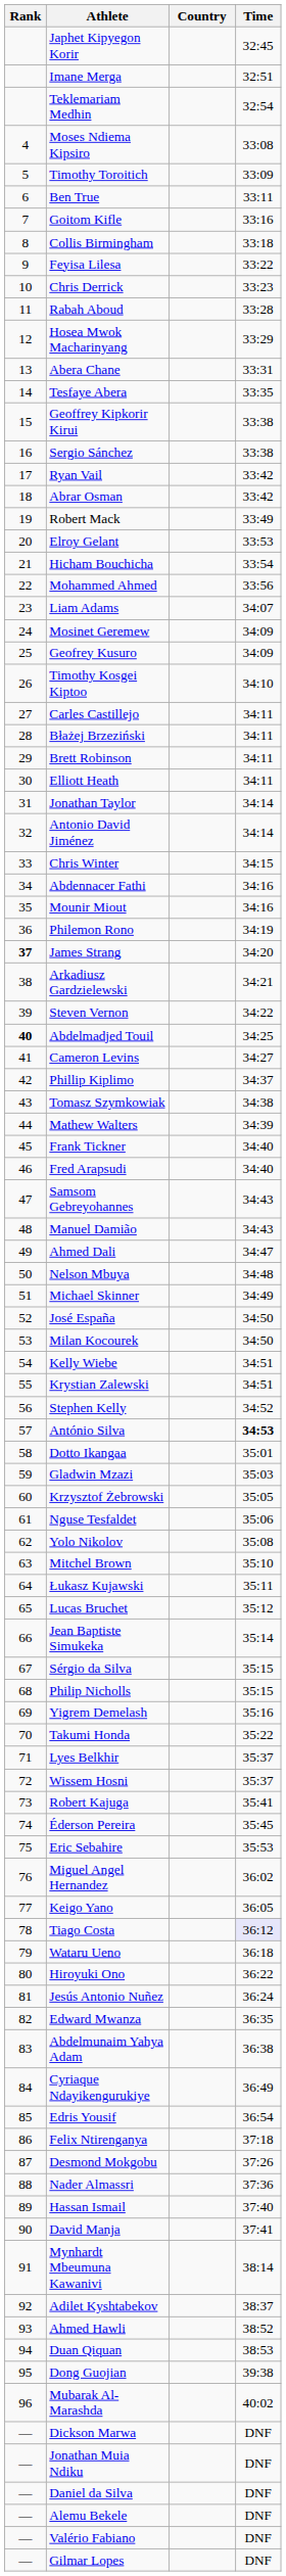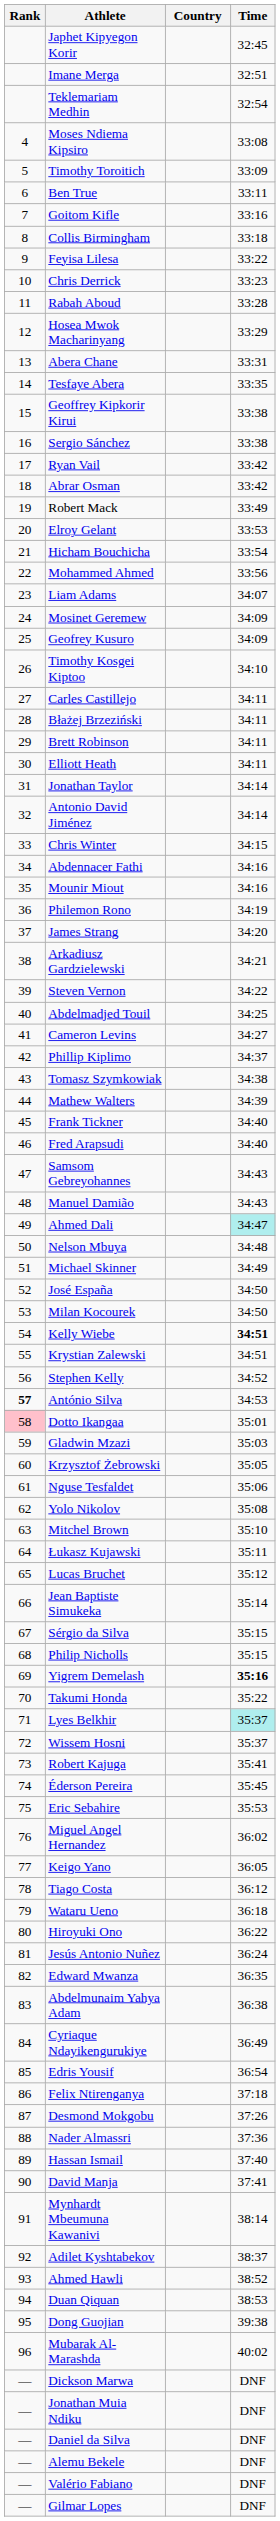 <table class="wikitable sortable" style=" text-align:center; font-size:95%;" width="50%">
 <tr>
 <th width=5%>Rank</th>
 <th width=20%>Athlete</th>
 <th width=15%>Country</th>
 <th width=10%>Time</th>
 </tr>
 <tr>
 <td align=center></td>
 <td align=left><a href='#'>Japhet Kipyegon Korir</a></td>
 <td align=left></td>
 <td>32:45</td>
 </tr>
 <tr>
 <td align=center></td>
 <td align=left><a href='#'>Imane Merga</a></td>
 <td align=left></td>
 <td>32:51</td>
 </tr>
 <tr>
 <td align=center></td>
 <td align=left><a href='#'>Teklemariam Medhin</a></td>
 <td align=left></td>
 <td>32:54</td>
 </tr>
 <tr>
 <td align=center>4</td>
 <td align=left><a href='#'>Moses Ndiema Kipsiro</a></td>
 <td align=left></td>
 <td>33:08</td>
 </tr>
 <tr>
 <td align=center>5</td>
 <td align=left><a href='#'>Timothy Toroitich</a></td>
 <td align=left></td>
 <td>33:09</td>
 </tr>
 <tr>
 <td align=center>6</td>
 <td align=left><a href='#'>Ben True</a></td>
 <td align=left></td>
 <td>33:11</td>
 </tr>
 <tr>
 <td align=center>7</td>
 <td align=left><a href='#'>Goitom Kifle</a></td>
 <td align=left></td>
 <td>33:16</td>
 </tr>
 <tr>
 <td align=center>8</td>
 <td align=left><a href='#'>Collis Birmingham</a></td>
 <td align=left></td>
 <td>33:18</td>
 </tr>
 <tr>
 <td align=center>9</td>
 <td align=left><a href='#'>Feyisa Lilesa</a></td>
 <td align=left></td>
 <td>33:22</td>
 </tr>
 <tr>
 <td align=center>10</td>
 <td align=left><a href='#'>Chris Derrick</a></td>
 <td align=left></td>
 <td>33:23</td>
 </tr>
 <tr>
 <td align=center>11</td>
 <td align=left><a href='#'>Rabah Aboud</a></td>
 <td align=left></td>
 <td>33:28</td>
 </tr>
 <tr>
 <td align=center>12</td>
 <td align=left><a href='#'>Hosea Mwok Macharinyang</a></td>
 <td align=left></td>
 <td>33:29</td>
 </tr>
 <tr>
 <td align=center>13</td>
 <td align=left><a href='#'>Abera Chane</a></td>
 <td align=left></td>
 <td>33:31</td>
 </tr>
 <tr>
 <td align=center>14</td>
 <td align=left><a href='#'>Tesfaye Abera</a></td>
 <td align=left></td>
 <td>33:35</td>
 </tr>
 <tr>
 <td align=center>15</td>
 <td align=left><a href='#'>Geoffrey Kipkorir Kirui</a></td>
 <td align=left></td>
 <td>33:38</td>
 </tr>
 <tr>
 <td align=center>16</td>
 <td align=left><a href='#'>Sergio Sánchez</a></td>
 <td align=left></td>
 <td>33:38</td>
 </tr>
 <tr>
 <td align=center>17</td>
 <td align=left><a href='#'>Ryan Vail</a></td>
 <td align=left></td>
 <td>33:42</td>
 </tr>
 <tr>
 <td align=center>18</td>
 <td align=left><a href='#'>Abrar Osman</a></td>
 <td align=left></td>
 <td>33:42</td>
 </tr>
 <tr>
 <td align=center>19</td>
 <td align=left>Robert Mack</td>
 <td align=left></td>
 <td>33:49</td>
 </tr>
 <tr>
 <td align=center>20</td>
 <td align=left><a href='#'>Elroy Gelant</a></td>
 <td align=left></td>
 <td>33:53</td>
 </tr>
 <tr>
 <td align=center>21</td>
 <td align=left><a href='#'>Hicham Bouchicha</a></td>
 <td align=left></td>
 <td>33:54</td>
 </tr>
 <tr>
 <td align=center>22</td>
 <td align=left><a href='#'>Mohammed Ahmed</a></td>
 <td align=left></td>
 <td>33:56</td>
 </tr>
 <tr>
 <td align=center>23</td>
 <td align=left><a href='#'>Liam Adams</a></td>
 <td align=left></td>
 <td>34:07</td>
 </tr>
 <tr>
 <td align=center>24</td>
 <td align=left><a href='#'>Mosinet Geremew</a></td>
 <td align=left></td>
 <td>34:09</td>
 </tr>
 <tr>
 <td align=center>25</td>
 <td align=left><a href='#'>Geofrey Kusuro</a></td>
 <td align=left></td>
 <td>34:09</td>
 </tr>
 <tr>
 <td align=center>26</td>
 <td align=left><a href='#'>Timothy Kosgei Kiptoo</a></td>
 <td align=left></td>
 <td>34:10</td>
 </tr>
 <tr>
 <td align=center>27</td>
 <td align=left><a href='#'>Carles Castillejo</a></td>
 <td align=left></td>
 <td>34:11</td>
 </tr>
 <tr>
 <td align=center>28</td>
 <td align=left><a href='#'>Błażej Brzeziński</a></td>
 <td align=left></td>
 <td>34:11</td>
 </tr>
 <tr>
 <td align=center>29</td>
 <td align=left><a href='#'>Brett Robinson</a></td>
 <td align=left></td>
 <td>34:11</td>
 </tr>
 <tr>
 <td align=center>30</td>
 <td align=left><a href='#'>Elliott Heath</a></td>
 <td align=left></td>
 <td>34:11</td>
 </tr>
 <tr>
 <td align=center>31</td>
 <td align=left><a href='#'>Jonathan Taylor</a></td>
 <td align=left></td>
 <td>34:14</td>
 </tr>
 <tr>
 <td align=center>32</td>
 <td align=left><a href='#'>Antonio David Jiménez</a></td>
 <td align=left></td>
 <td>34:14</td>
 </tr>
 <tr>
 <td align=center>33</td>
 <td align=left><a href='#'>Chris Winter</a></td>
 <td align=left></td>
 <td>34:15</td>
 </tr>
 <tr>
 <td align=center>34</td>
 <td align=left><a href='#'>Abdennacer Fathi</a></td>
 <td align=left></td>
 <td>34:16</td>
 </tr>
 <tr>
 <td align=center>35</td>
 <td align=left><a href='#'>Mounir Miout</a></td>
 <td align=left></td>
 <td>34:16</td>
 </tr>
 <tr>
 <td align=center>36</td>
 <td align=left><a href='#'>Philemon Rono </a></td>
 <td align=left></td>
 <td>34:19</td>
 </tr>
 <tr>
-<td align=center><strong>37</strong></td>
+<td align=center>37</td>
 <td align=left><a href='#'>James Strang</a></td>
 <td align=left></td>
 <td>34:20</td>
 </tr>
 <tr>
 <td align=center>38</td>
 <td align=left><a href='#'>Arkadiusz Gardzielewski</a></td>
 <td align=left></td>
 <td>34:21</td>
 </tr>
 <tr>
 <td align=center>39</td>
 <td align=left><a href='#'>Steven Vernon</a></td>
 <td align=left></td>
 <td>34:22</td>
 </tr>
 <tr>
-<td align=center><strong>40</strong></td>
+<td align=center>40</td>
 <td align=left><a href='#'>Abdelmadjed Touil</a></td>
 <td align=left></td>
 <td>34:25</td>
 </tr>
 <tr>
 <td align=center>41</td>
 <td align=left><a href='#'>Cameron Levins</a></td>
 <td align=left></td>
 <td>34:27</td>
 </tr>
 <tr>
 <td align=center>42</td>
 <td align=left><a href='#'>Phillip Kiplimo</a></td>
 <td align=left></td>
 <td>34:37</td>
 </tr>
 <tr>
 <td align=center>43</td>
 <td align=left><a href='#'>Tomasz Szymkowiak</a></td>
 <td align=left></td>
 <td>34:38</td>
 </tr>
 <tr>
 <td align=center>44</td>
 <td align=left><a href='#'>Mathew Walters</a></td>
 <td align=left></td>
 <td>34:39</td>
 </tr>
 <tr>
 <td align=center>45</td>
 <td align=left><a href='#'>Frank Tickner</a></td>
 <td align=left></td>
 <td>34:40</td>
 </tr>
 <tr>
 <td align=center>46</td>
 <td align=left><a href='#'>Fred Arapsudi</a></td>
 <td align=left></td>
 <td>34:40</td>
 </tr>
 <tr>
 <td align=center>47</td>
 <td align=left><a href='#'>Samsom Gebreyohannes</a></td>
 <td align=left></td>
 <td>34:43</td>
 </tr>
 <tr>
 <td align=center>48</td>
 <td align=left><a href='#'>Manuel Damião</a></td>
 <td align=left></td>
 <td>34:43</td>
 </tr>
 <tr>
 <td align=center>49</td>
 <td align=left><a href='#'>Ahmed Dali</a></td>
 <td align=left></td>
-<td>34:47</td>
+<td style="background: paleturquoise;">34:47</td>
 </tr>
 <tr>
 <td align=center>50</td>
 <td align=left><a href='#'>Nelson Mbuya</a></td>
 <td align=left></td>
 <td>34:48</td>
 </tr>
 <tr>
 <td align=center>51</td>
 <td align=left><a href='#'>Michael Skinner</a></td>
 <td align=left></td>
 <td>34:49</td>
 </tr>
 <tr>
 <td align=center>52</td>
 <td align=left><a href='#'>José España</a></td>
 <td align=left></td>
 <td>34:50</td>
 </tr>
 <tr>
 <td align=center>53</td>
 <td align=left><a href='#'>Milan Kocourek</a></td>
 <td align=left></td>
 <td>34:50</td>
 </tr>
 <tr>
 <td align=center>54</td>
 <td align=left><a href='#'>Kelly Wiebe</a></td>
 <td align=left></td>
-<td>34:51</td>
+<td><strong>34:51</strong></td>
 </tr>
 <tr>
 <td align=center>55</td>
 <td align=left><a href='#'>Krystian Zalewski</a></td>
 <td align=left></td>
 <td>34:51</td>
 </tr>
 <tr>
 <td align=center>56</td>
 <td align=left><a href='#'>Stephen Kelly</a></td>
 <td align=left></td>
 <td>34:52</td>
 </tr>
 <tr>
-<td align=center>57</td>
+<td align=center><strong>57</strong></td>
 <td align=left><a href='#'>António Silva</a></td>
 <td align=left></td>
-<td><strong>34:53</strong></td>
+<td>34:53</td>
 </tr>
 <tr>
-<td align=center>58</td>
+<td align=center style="background: pink;">58</td>
 <td align=left><a href='#'>Dotto Ikangaa</a></td>
 <td align=left></td>
 <td>35:01</td>
 </tr>
 <tr>
 <td align=center>59</td>
 <td align=left><a href='#'>Gladwin Mzazi</a></td>
 <td align=left></td>
 <td>35:03</td>
 </tr>
 <tr>
 <td align=center>60</td>
 <td align=left><a href='#'>Krzysztof Żebrowski</a></td>
 <td align=left></td>
 <td>35:05</td>
 </tr>
 <tr>
 <td align=center>61</td>
 <td align=left><a href='#'>Nguse Tesfaldet</a></td>
 <td align=left></td>
 <td>35:06</td>
 </tr>
 <tr>
 <td align=center>62</td>
 <td align=left><a href='#'>Yolo Nikolov</a></td>
 <td align=left></td>
 <td>35:08</td>
 </tr>
 <tr>
 <td align=center>63</td>
 <td align=left><a href='#'>Mitchel Brown</a></td>
 <td align=left></td>
 <td>35:10</td>
 </tr>
 <tr>
 <td align=center>64</td>
 <td align=left><a href='#'>Łukasz Kujawski</a></td>
 <td align=left></td>
 <td>35:11</td>
 </tr>
 <tr>
 <td align=center>65</td>
 <td align=left><a href='#'>Lucas Bruchet</a></td>
 <td align=left></td>
 <td>35:12</td>
 </tr>
 <tr>
 <td align=center>66</td>
 <td align=left><a href='#'>Jean Baptiste Simukeka</a></td>
 <td align=left></td>
 <td>35:14</td>
 </tr>
 <tr>
 <td align=center>67</td>
 <td align=left><a href='#'>Sérgio da Silva</a></td>
 <td align=left></td>
 <td>35:15</td>
 </tr>
 <tr>
 <td align=center>68</td>
 <td align=left><a href='#'>Philip Nicholls</a></td>
 <td align=left></td>
 <td>35:15</td>
 </tr>
 <tr>
 <td align=center>69</td>
 <td align=left><a href='#'>Yigrem Demelash</a></td>
 <td align=left></td>
-<td>35:16</td>
+<td><strong>35:16</strong></td>
 </tr>
 <tr>
 <td align=center>70</td>
 <td align=left><a href='#'>Takumi Honda</a></td>
 <td align=left></td>
 <td>35:22</td>
 </tr>
 <tr>
 <td align=center>71</td>
 <td align=left><a href='#'>Lyes Belkhir</a></td>
 <td align=left></td>
-<td>35:37</td>
+<td style="background: paleturquoise;">35:37</td>
 </tr>
 <tr>
 <td align=center>72</td>
 <td align=left><a href='#'>Wissem Hosni</a></td>
 <td align=left></td>
 <td>35:37</td>
 </tr>
 <tr>
 <td align=center>73</td>
 <td align=left><a href='#'>Robert Kajuga</a></td>
 <td align=left></td>
 <td>35:41</td>
 </tr>
 <tr>
 <td align=center>74</td>
 <td align=left><a href='#'>Éderson Pereira</a></td>
 <td align=left></td>
 <td>35:45</td>
 </tr>
 <tr>
 <td align=center>75</td>
 <td align=left><a href='#'>Eric Sebahire</a></td>
 <td align=left></td>
 <td>35:53</td>
 </tr>
 <tr>
 <td align=center>76</td>
 <td align=left><a href='#'>Miguel Angel Hernandez</a></td>
 <td align=left></td>
 <td>36:02</td>
 </tr>
 <tr>
 <td align=center>77</td>
 <td align=left><a href='#'>Keigo Yano</a></td>
 <td align=left></td>
 <td>36:05</td>
 </tr>
 <tr>
 <td align=center>78</td>
 <td align=left><a href='#'>Tiago Costa</a></td>
 <td align=left></td>
-<td style="background: lavender;">36:12</td>
+<td>36:12</td>
 </tr>
 <tr>
 <td align=center>79</td>
 <td align=left><a href='#'>Wataru Ueno</a></td>
 <td align=left></td>
 <td>36:18</td>
 </tr>
 <tr>
 <td align=center>80</td>
 <td align=left><a href='#'>Hiroyuki Ono</a></td>
 <td align=left></td>
 <td>36:22</td>
 </tr>
 <tr>
 <td align=center>81</td>
 <td align=left><a href='#'>Jesús Antonio Nuñez</a></td>
 <td align=left></td>
 <td>36:24</td>
 </tr>
 <tr>
 <td align=center>82</td>
 <td align=left><a href='#'>Edward Mwanza</a></td>
 <td align=left></td>
 <td>36:35</td>
 </tr>
 <tr>
 <td align=center>83</td>
 <td align=left><a href='#'>Abdelmunaim Yahya Adam</a></td>
 <td align=left></td>
 <td>36:38</td>
 </tr>
 <tr>
 <td align=center>84</td>
 <td align=left><a href='#'>Cyriaque Ndayikengurukiye</a></td>
 <td align=left></td>
 <td>36:49</td>
 </tr>
 <tr>
 <td align=center>85</td>
 <td align=left><a href='#'>Edris Yousif</a></td>
 <td align=left></td>
 <td>36:54</td>
 </tr>
 <tr>
 <td align=center>86</td>
 <td align=left><a href='#'>Felix Ntirenganya</a></td>
 <td align=left></td>
 <td>37:18</td>
 </tr>
 <tr>
 <td align=center>87</td>
 <td align=left><a href='#'>Desmond Mokgobu</a></td>
 <td align=left></td>
 <td>37:26</td>
 </tr>
 <tr>
 <td align=center>88</td>
 <td align=left><a href='#'>Nader Almassri</a></td>
 <td align=left></td>
 <td>37:36</td>
 </tr>
 <tr>
 <td align=center>89</td>
 <td align=left><a href='#'>Hassan Ismail</a></td>
 <td align=left></td>
 <td>37:40</td>
 </tr>
 <tr>
 <td align=center>90</td>
 <td align=left><a href='#'>David Manja</a></td>
 <td align=left></td>
 <td>37:41</td>
 </tr>
 <tr>
 <td align=center>91</td>
 <td align=left><a href='#'>Mynhardt Mbeumuna Kawanivi</a></td>
 <td align=left></td>
 <td>38:14</td>
 </tr>
 <tr>
 <td align=center>92</td>
 <td align=left><a href='#'>Adilet Kyshtabekov</a></td>
 <td align=left></td>
 <td>38:37</td>
 </tr>
 <tr>
 <td align=center>93</td>
 <td align=left><a href='#'>Ahmed Hawli</a></td>
 <td align=left></td>
 <td>38:52</td>
 </tr>
 <tr>
 <td align=center>94</td>
 <td align=left><a href='#'>Duan Qiquan</a></td>
 <td align=left></td>
 <td>38:53</td>
 </tr>
 <tr>
 <td align=center>95</td>
 <td align=left><a href='#'>Dong Guojian</a></td>
 <td align=left></td>
 <td>39:38</td>
 </tr>
 <tr>
 <td align=center>96</td>
 <td align=left><a href='#'>Mubarak Al-Marashda</a></td>
 <td align=left></td>
 <td>40:02</td>
 </tr>
 <tr>
 <td align=center>—</td>
 <td align=left><a href='#'>Dickson Marwa</a></td>
 <td align=left></td>
 <td>DNF</td>
 </tr>
 <tr>
 <td align=center>—</td>
 <td align=left><a href='#'>Jonathan Muia Ndiku</a></td>
 <td align=left></td>
 <td>DNF</td>
 </tr>
 <tr>
 <td align=center>—</td>
 <td align=left><a href='#'>Daniel da Silva</a></td>
 <td align=left></td>
 <td>DNF</td>
 </tr>
 <tr>
 <td align=center>—</td>
 <td align=left><a href='#'>Alemu Bekele</a></td>
 <td align=left></td>
 <td>DNF</td>
 </tr>
 <tr>
 <td align=center>—</td>
 <td align=left><a href='#'>Valério Fabiano</a></td>
 <td align=left></td>
 <td>DNF</td>
 </tr>
 <tr>
 <td align=center>—</td>
 <td align=left><a href='#'>Gilmar Lopes</a></td>
 <td align=left></td>
 <td>DNF</td>
 </tr>
 </table>
